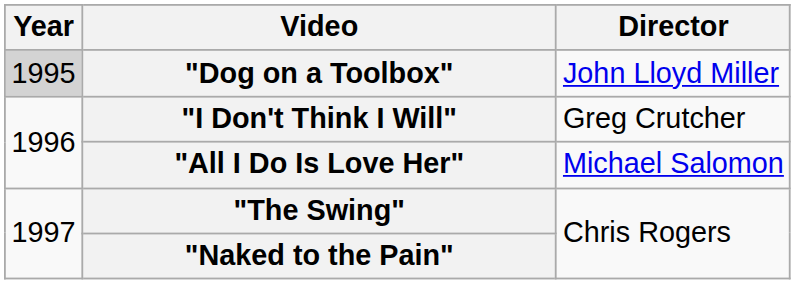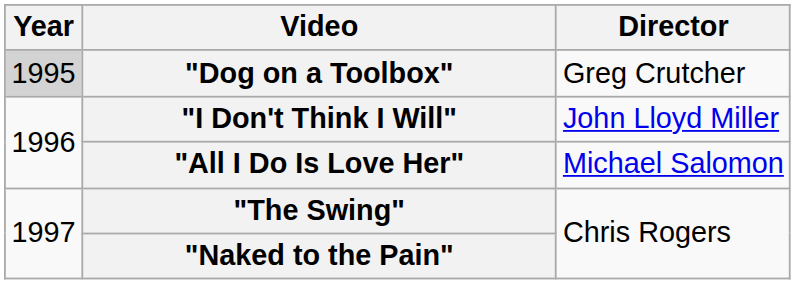 <table class="wikitable plainrowheaders">
 <tr>
 <th>Year</th>
 <th style="width:16em;">Video</th>
 <th>Director</th>
 </tr>
 <tr>
 <td style="background: lightgrey;">1995</td>
 <th scope="row">"Dog on a Toolbox"</th>
-<td><a href='#'>John Lloyd Miller</a></td>
+<td>Greg Crutcher</td>
 </tr>
 <tr>
 <td rowspan="2">1996</td>
 <th scope="row">"I Don't Think I Will"</th>
-<td>Greg Crutcher</td>
+<td><a href='#'>John Lloyd Miller</a></td>
 </tr>
 <tr>
 <th scope="row">"All I Do Is Love Her"</th>
 <td><a href='#'>Michael Salomon</a></td>
 </tr>
 <tr>
 <td rowspan="2">1997</td>
 <th scope="row">"The Swing"</th>
 <td rowspan="2">Chris Rogers</td>
 </tr>
 <tr>
 <th scope="row">"Naked to the Pain"</th>
 </tr>
 </table>
